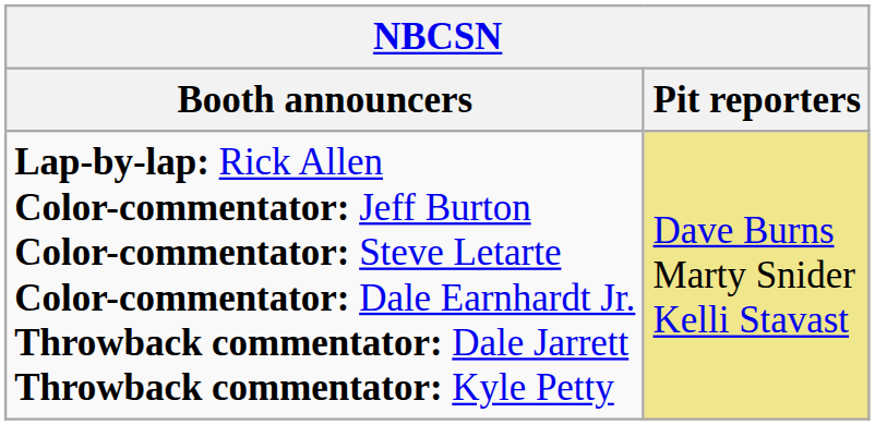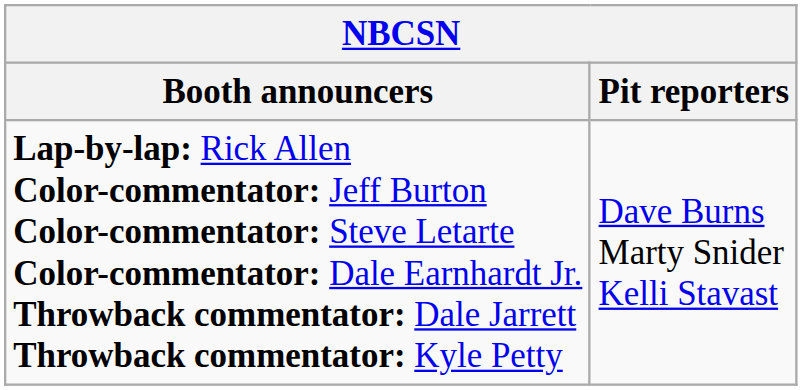 <table class="wikitable" style="font-size: 95%;">
 <tr>
 <th colspan="2"><a href='#'>NBCSN</a></th>
 </tr>
 <tr>
 <th>Booth announcers</th>
 <th>Pit reporters</th>
 </tr>
 <tr>
 <td><strong>Lap-by-lap:</strong> <a href='#'>Rick Allen</a><br><strong>Color-commentator:</strong> <a href='#'>Jeff Burton</a><br><strong>Color-commentator:</strong> <a href='#'>Steve Letarte</a><br><strong>Color-commentator:</strong> <a href='#'>Dale Earnhardt Jr.</a><br><strong>Throwback commentator:</strong> <a href='#'>Dale Jarrett</a><br><strong>Throwback commentator:</strong> <a href='#'>Kyle Petty</a></td>
-<td style="background: khaki;"><a href='#'>Dave Burns</a><br>Marty Snider<br><a href='#'>Kelli Stavast</a></td>
+<td><a href='#'>Dave Burns</a><br>Marty Snider<br><a href='#'>Kelli Stavast</a></td>
 </tr>
 </table>
